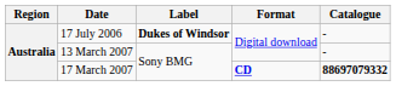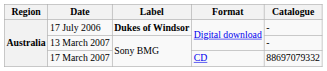 <table class="wikitable plainrowheaders">
 <tr>
 <th scope="col">Region</th>
 <th scope="col">Date</th>
 <th scope="col">Label</th>
 <th scope="col">Format</th>
 <th scope="col">Catalogue</th>
 </tr>
 <tr>
 <th scope="row" rowspan="3">Australia</th>
 <td>17 July 2006</td>
 <td><strong>Dukes of Windsor</strong></td>
 <td rowspan="2"><a href='#'>Digital download</a></td>
 <td>-</td>
 </tr>
 <tr>
 <td>13 March 2007</td>
 <td rowspan="2">Sony BMG</td>
 <td>-</td>
 </tr>
 <tr>
 <td>17 March 2007</td>
-<td><strong><a href='#'>CD</a></strong></td>
-<td><strong>88697079332</strong></td>
+<td><a href='#'>CD</a></td>
+<td>88697079332</td>
 </tr>
 </table>
